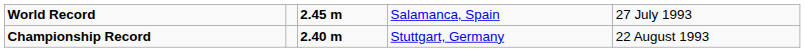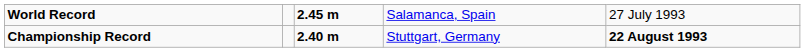 <table class="wikitable" width=75%>
 <tr>
 <td><strong>World Record</strong></td>
 <td></td>
 <td><strong>2.45 m</strong></td>
 <td><a href='#'>Salamanca, Spain</a></td>
 <td>27 July 1993</td>
 </tr>
 <tr>
 <td><strong>Championship Record</strong></td>
 <td></td>
 <td><strong>2.40 m</strong></td>
 <td><a href='#'>Stuttgart, Germany</a></td>
-<td>22 August 1993</td>
+<td><strong>22 August 1993</strong></td>
 </tr>
 </table>
